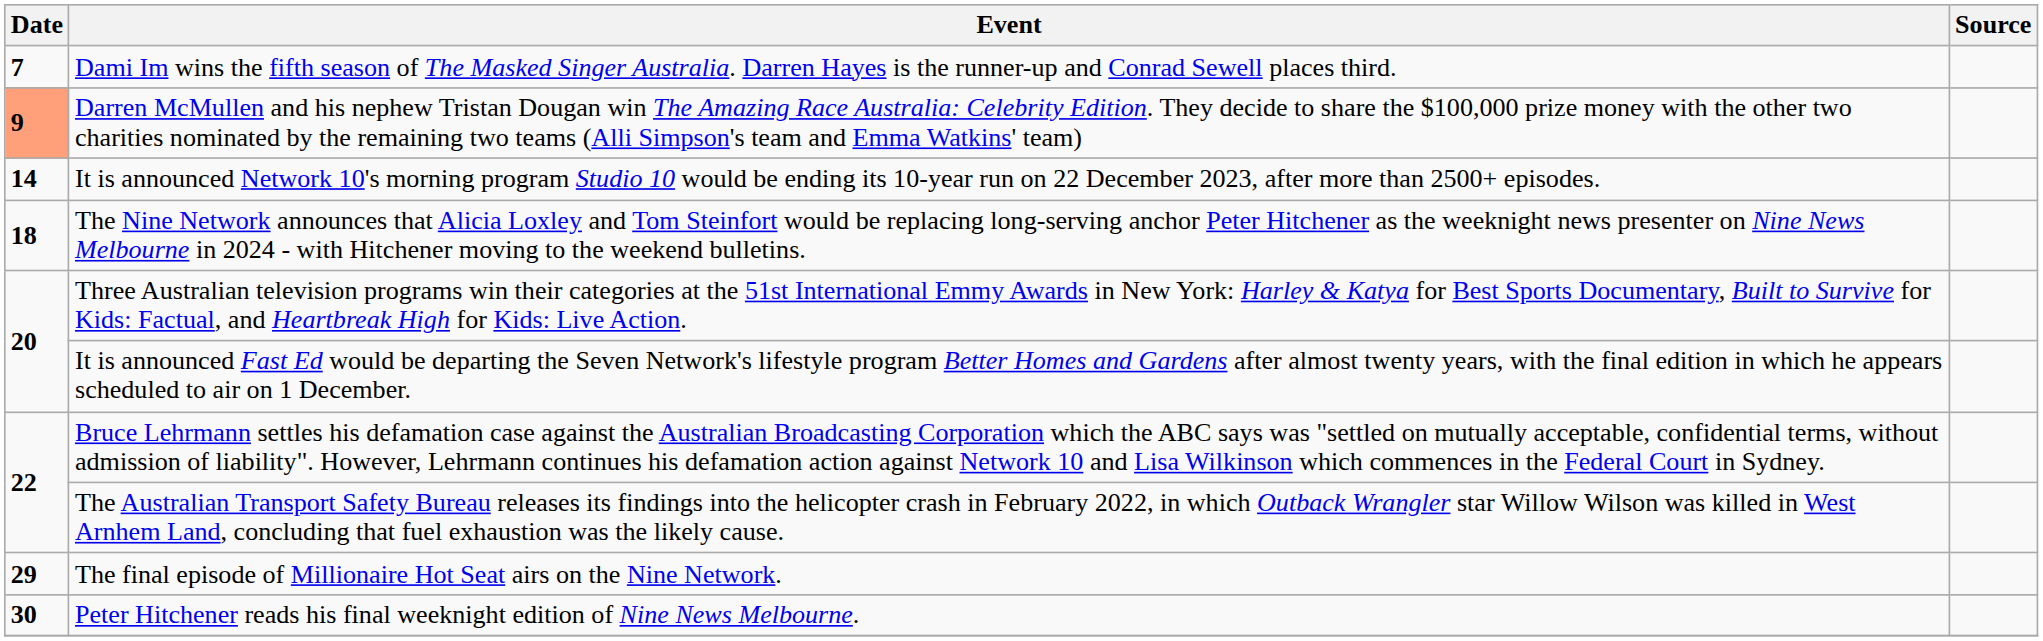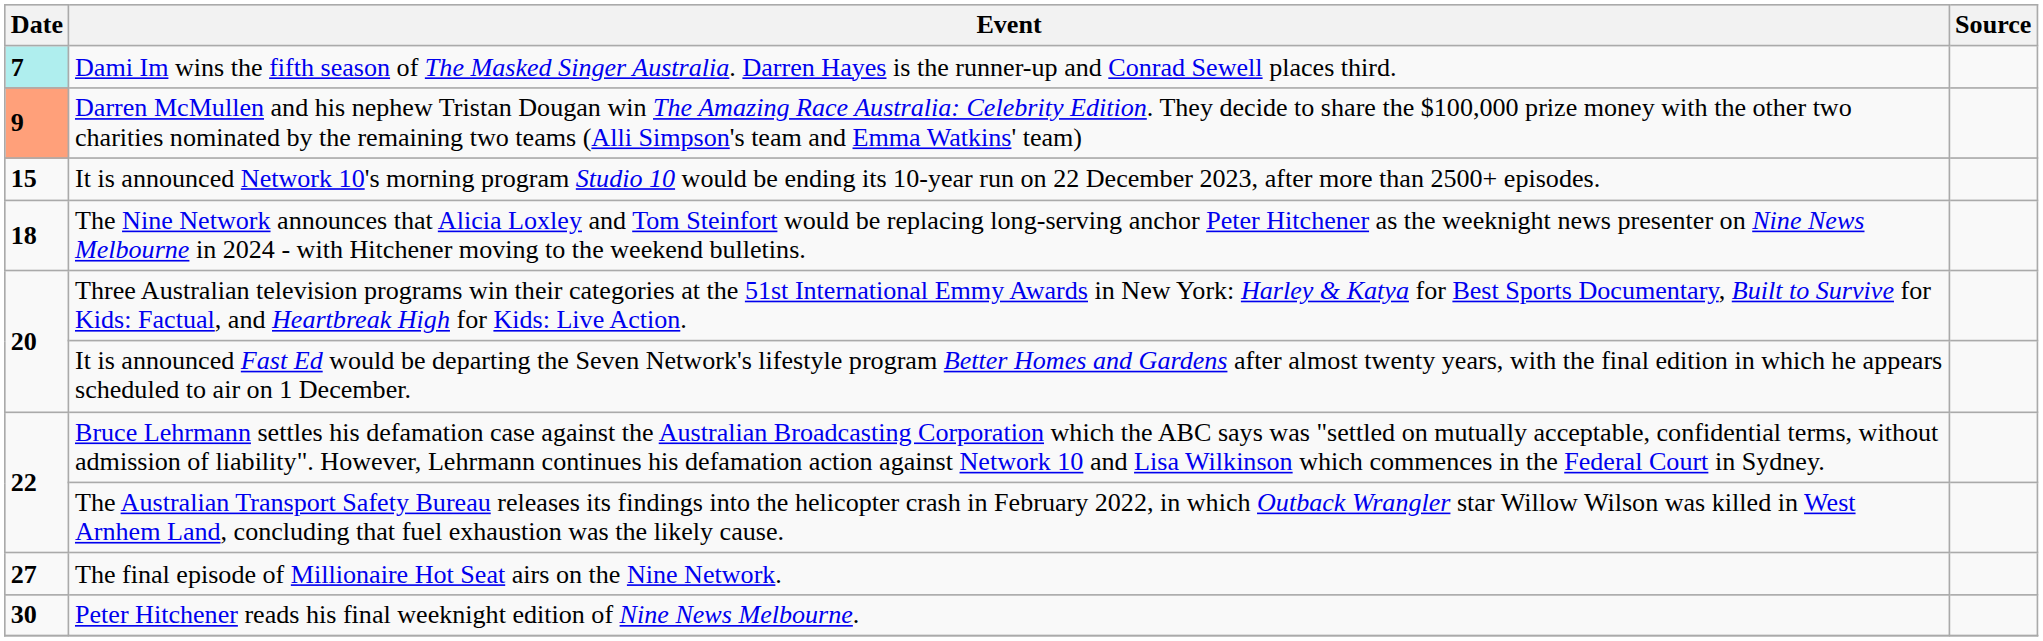 <table class="wikitable">
 <tr>
 <th>Date</th>
 <th>Event</th>
 <th>Source</th>
 </tr>
 <tr>
-<td><strong>7</strong></td>
+<td style="background: paleturquoise;"><strong>7</strong></td>
 <td><a href='#'>Dami Im</a> wins the <a href='#'>fifth season</a> of <em><a href='#'>The Masked Singer Australia</a></em>. <a href='#'>Darren Hayes</a> is the runner-up and <a href='#'>Conrad Sewell</a> places third.</td>
 <td></td>
 </tr>
 <tr>
 <td style="background: lightsalmon;"><strong>9</strong></td>
 <td><a href='#'>Darren McMullen</a> and his nephew Tristan Dougan win <em><a href='#'>The Amazing Race Australia: Celebrity Edition</a></em>. They decide to share the $100,000 prize money with the other two charities nominated by the remaining two teams (<a href='#'>Alli Simpson</a>'s team and <a href='#'>Emma Watkins</a>' team)</td>
 <td></td>
 </tr>
 <tr>
-<td><strong>14</strong></td>
+<td><strong>15</strong></td>
 <td>It is announced <a href='#'>Network 10</a>'s morning program <em><a href='#'>Studio 10</a></em> would be ending its 10-year run on 22 December 2023, after more than 2500+ episodes.</td>
 <td></td>
 </tr>
 <tr>
 <td><strong>18</strong></td>
 <td>The <a href='#'>Nine Network</a> announces that <a href='#'>Alicia Loxley</a> and <a href='#'>Tom Steinfort</a> would be replacing long-serving anchor <a href='#'>Peter Hitchener</a> as the weeknight news presenter on <em><a href='#'>Nine News Melbourne</a></em> in 2024 - with Hitchener moving to the weekend bulletins.</td>
 <td></td>
 </tr>
 <tr>
 <td rowspan=2><strong>20</strong></td>
 <td>Three Australian television programs win their categories at the <a href='#'>51st International Emmy Awards</a> in New York: <em><a href='#'>Harley & Katya</a></em> for <a href='#'>Best Sports Documentary</a>, <em><a href='#'>Built to Survive</a></em> for <a href='#'>Kids: Factual</a>, and <em><a href='#'>Heartbreak High</a></em> for <a href='#'>Kids: Live Action</a>.</td>
 <td></td>
 </tr>
 <tr>
 <td>It is announced <em><a href='#'>Fast Ed</a></em> would be departing the Seven Network's lifestyle program <em><a href='#'>Better Homes and Gardens</a></em> after almost twenty years, with the final edition in which he appears scheduled to air on 1 December.</td>
 <td></td>
 </tr>
 <tr>
 <td rowspan=2><strong>22</strong></td>
 <td><a href='#'>Bruce Lehrmann</a> settles his defamation case against the <a href='#'>Australian Broadcasting Corporation</a> which the ABC says was "settled on mutually acceptable, confidential terms, without admission of liability". However, Lehrmann continues his defamation action against <a href='#'>Network 10</a> and <a href='#'>Lisa Wilkinson</a> which commences in the <a href='#'>Federal Court</a> in Sydney.</td>
 <td></td>
 </tr>
 <tr>
 <td>The <a href='#'>Australian Transport Safety Bureau</a> releases its findings into the helicopter crash in February 2022, in which <em><a href='#'>Outback Wrangler</a></em> star Willow Wilson was killed in <a href='#'>West Arnhem Land</a>, concluding that fuel exhaustion was the likely cause.</td>
 <td></td>
 </tr>
 <tr>
-<td><strong>29</strong></td>
+<td><strong>27</strong></td>
 <td>The final episode of <a href='#'>Millionaire Hot Seat</a> airs on the <a href='#'>Nine Network</a>.</td>
 <td></td>
 </tr>
 <tr>
 <td><strong>30</strong></td>
 <td><a href='#'>Peter Hitchener</a> reads his final weeknight edition of <em><a href='#'>Nine News Melbourne</a></em>.</td>
 <td></td>
 </tr>
 <tr>
 </tr>
 </table>
